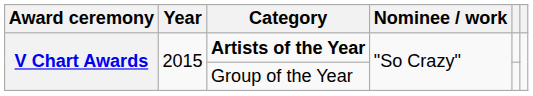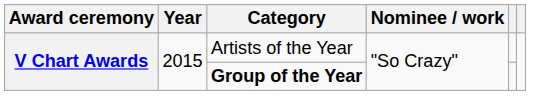 <table class="wikitable plainrowheaders">
 <tr>
 <th>Award ceremony</th>
 <th>Year</th>
 <th>Category</th>
 <th>Nominee / work</th>
 <th></th>
 <th></th>
 </tr>
 <tr>
 <th rowspan="2" scope="row"><a href='#'>V Chart Awards</a></th>
 <td rowspan="2">2015</td>
-<td><strong>Artists of the Year</strong></td>
+<td>Artists of the Year</td>
 <td rowspan="2">"So Crazy"</td>
 <td></td>
 <td rowspan="2"></td>
 </tr>
 <tr>
-<td>Group of the Year</td>
+<td><strong>Group of the Year</strong></td>
 <td></td>
 </tr>
 </table>
